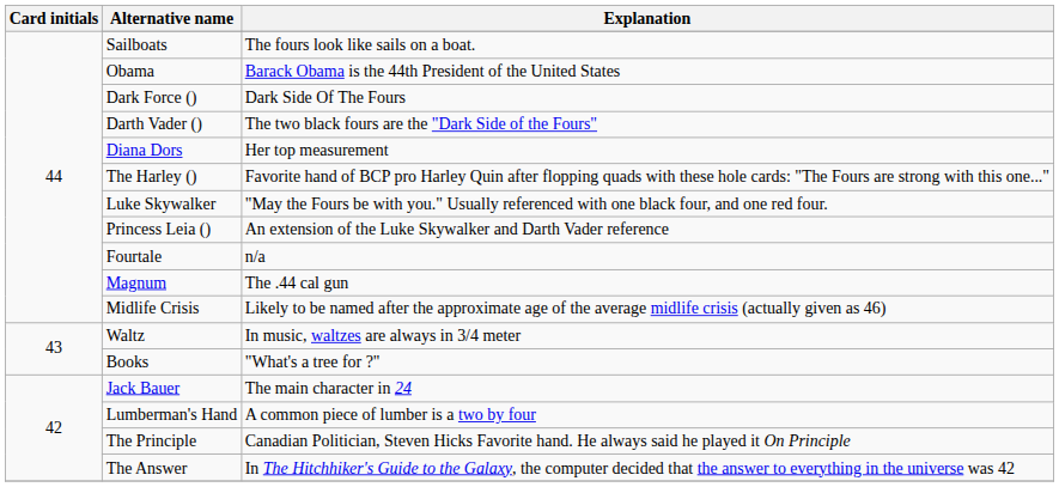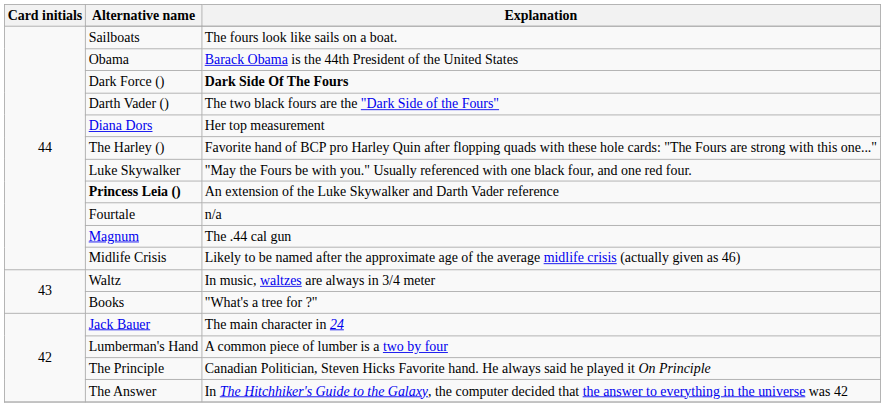 <table class="wikitable">
 <tr>
 <th>Card initials</th>
 <th>Alternative name</th>
 <th>Explanation</th>
 </tr>
 <tr>
 <td align="center" rowspan="12">44</td>
 </tr>
 <tr>
 <td>Sailboats</td>
 <td>The fours look like sails on a boat.</td>
 </tr>
 <tr>
 <td>Obama</td>
 <td><a href='#'>Barack Obama</a> is the 44th President of the United States</td>
 </tr>
 <tr>
 <td>Dark Force ()</td>
-<td>Dark Side Of The Fours</td>
+<td><strong>Dark Side Of The Fours</strong></td>
 </tr>
 <tr>
 <td>Darth Vader ()</td>
 <td>The two black fours are the <a href='#'>"Dark Side of the Fours"</a></td>
 </tr>
 <tr>
 <td><a href='#'>Diana Dors</a></td>
 <td>Her top measurement</td>
 </tr>
 <tr>
 <td>The Harley ()</td>
 <td>Favorite hand of BCP pro Harley Quin after flopping quads with these hole cards: "The Fours are strong with this one..."</td>
 </tr>
 <tr>
 <td>Luke Skywalker</td>
 <td>"May the Fours be with you." Usually referenced with one black four, and one red four.</td>
 </tr>
 <tr>
-<td>Princess Leia ()</td>
+<td><strong>Princess Leia ()</strong></td>
 <td>An extension of the Luke Skywalker and Darth Vader reference</td>
 </tr>
 <tr>
 <td>Fourtale</td>
 <td>n/a</td>
 </tr>
 <tr>
 <td><a href='#'>Magnum</a></td>
 <td>The .44 cal gun</td>
 </tr>
 <tr>
 <td>Midlife Crisis</td>
 <td>Likely to be named after the approximate age of the average <a href='#'>midlife crisis</a> (actually given as 46)</td>
 </tr>
 <tr>
 <td align="center" rowspan="2">43</td>
 <td>Waltz</td>
 <td>In music, <a href='#'>waltzes</a> are always in 3/4 meter</td>
 </tr>
 <tr>
 <td>Books</td>
 <td>"What's a tree for ?"</td>
 </tr>
 <tr>
 <td align="center" rowspan="4">42</td>
 <td><a href='#'>Jack Bauer</a></td>
 <td>The main character in <em><a href='#'>24</a></em></td>
 </tr>
 <tr>
 <td>Lumberman's Hand</td>
 <td>A common piece of lumber is a <a href='#'>two by four</a></td>
 </tr>
 <tr>
 <td>The Principle</td>
 <td>Canadian Politician, Steven Hicks Favorite hand. He always said he played it <em>On Principle</em></td>
 </tr>
 <tr>
 <td>The Answer</td>
 <td>In <em><a href='#'>The Hitchhiker's Guide to the Galaxy</a></em>, the computer decided that <a href='#'>the answer to everything in the universe</a> was 42</td>
 </tr>
 <tr>
 </tr>
 </table>
